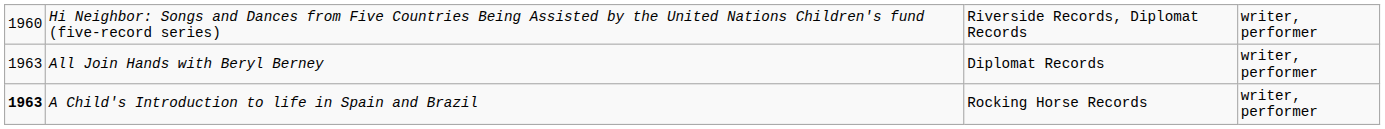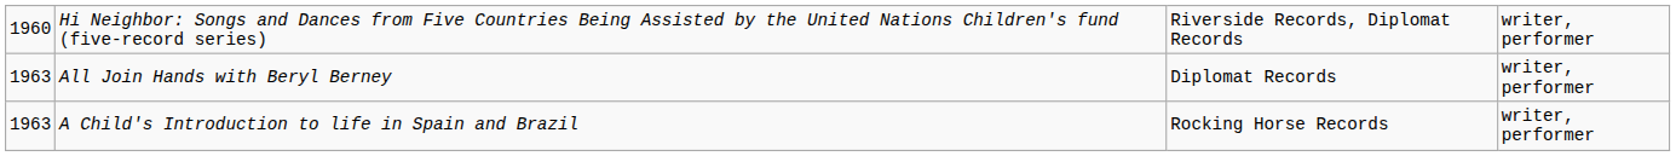 <table class="wikitable">
 <tr>
 <td>1960</td>
 <td><em>Hi Neighbor: Songs and Dances from Five Countries Being Assisted by the United Nations Children's fund</em> (five-record series)</td>
 <td>Riverside Records, Diplomat Records</td>
 <td>writer, performer</td>
 </tr>
 <tr>
 <td>1963</td>
 <td><em>All Join Hands with Beryl Berney</em></td>
 <td>Diplomat Records</td>
 <td>writer, performer</td>
 </tr>
 <tr>
-<td><strong>1963</strong></td>
+<td>1963</td>
 <td><em>A Child's Introduction to life in Spain and Brazil</em></td>
 <td>Rocking Horse Records</td>
 <td>writer, performer</td>
 </tr>
 </table>
